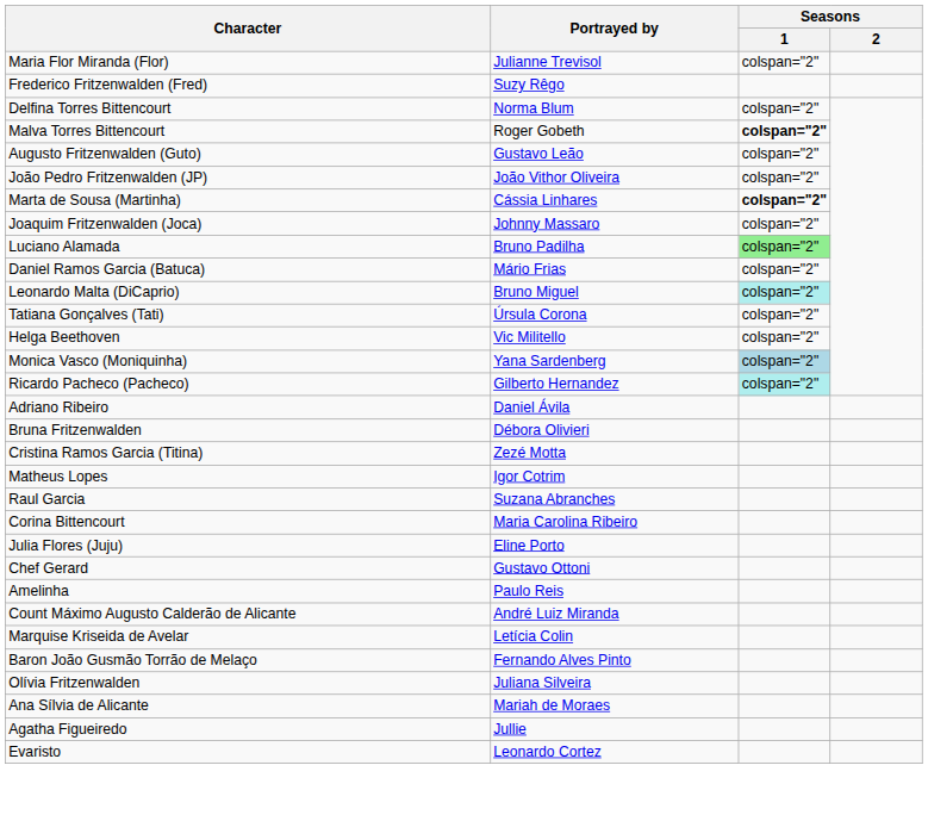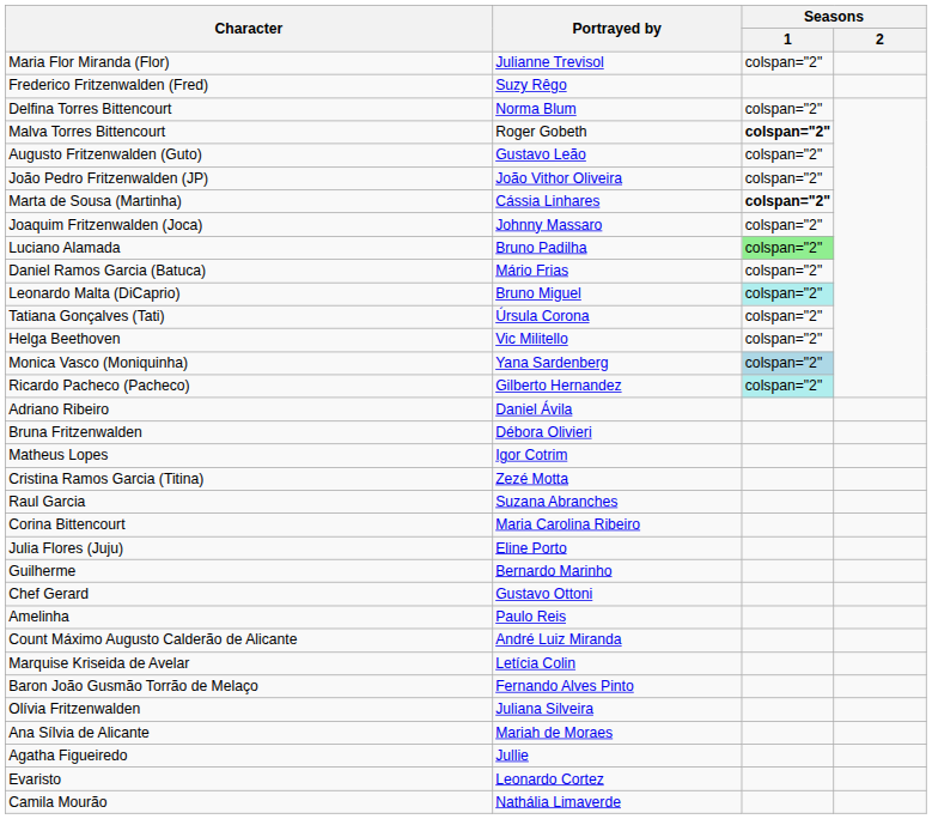 <table class="wikitable">
 <tr>
 <th rowspan="2">Character</th>
 <th rowspan="2">Portrayed by</th>
 <th colspan="2">Seasons</th>
 </tr>
 <tr>
 <th style="width:10%;">1</th>
 <th style="width:10%;">2</th>
 </tr>
 <tr>
 <td>Maria Flor Miranda (Flor)</td>
 <td><a href='#'>Julianne Trevisol</a></td>
 <td>colspan="2" </td>
 </tr>
 <tr>
 <td>Frederico Fritzenwalden (Fred)</td>
 <td><a href='#'>Suzy Rêgo</a></td>
 <td></td>
 <td></td>
 </tr>
 <tr>
 <td>Delfina Torres Bittencourt</td>
 <td><a href='#'>Norma Blum</a></td>
 <td>colspan="2" </td>
 </tr>
 <tr>
 <td>Malva Torres Bittencourt</td>
 <td>Roger Gobeth</td>
 <td><strong>colspan="2" </strong></td>
 </tr>
 <tr>
 <td>Augusto Fritzenwalden (Guto)</td>
 <td><a href='#'>Gustavo Leão</a></td>
 <td>colspan="2" </td>
 </tr>
 <tr>
 <td>João Pedro Fritzenwalden (JP)</td>
 <td><a href='#'>João Vithor Oliveira</a></td>
 <td>colspan="2" </td>
 </tr>
 <tr>
 <td>Marta de Sousa (Martinha)</td>
 <td><a href='#'>Cássia Linhares</a></td>
 <td><strong>colspan="2" </strong></td>
 </tr>
 <tr>
 <td>Joaquim Fritzenwalden (Joca)</td>
 <td><a href='#'>Johnny Massaro</a></td>
 <td>colspan="2" </td>
 </tr>
 <tr>
 <td>Luciano Alamada</td>
 <td><a href='#'>Bruno Padilha</a></td>
 <td style="background: lightgreen;">colspan="2" </td>
 </tr>
 <tr>
 <td>Daniel Ramos Garcia (Batuca)</td>
 <td><a href='#'>Mário Frias</a></td>
 <td>colspan="2" </td>
 </tr>
 <tr>
 <td>Leonardo Malta (DiCaprio)</td>
 <td><a href='#'>Bruno Miguel</a></td>
 <td style="background: paleturquoise;">colspan="2" </td>
 </tr>
 <tr>
 <td>Tatiana Gonçalves (Tati)</td>
 <td><a href='#'>Úrsula Corona</a></td>
 <td>colspan="2" </td>
 </tr>
 <tr>
 <td>Helga Beethoven</td>
 <td><a href='#'>Vic Militello</a></td>
 <td>colspan="2" </td>
 </tr>
 <tr>
 <td>Monica Vasco (Moniquinha)</td>
 <td><a href='#'>Yana Sardenberg</a></td>
 <td style="background: lightblue;">colspan="2" </td>
 </tr>
 <tr>
 <td>Ricardo Pacheco (Pacheco)</td>
 <td><a href='#'>Gilberto Hernandez</a></td>
 <td style="background: paleturquoise;">colspan="2" </td>
 </tr>
 <tr>
 <td>Adriano Ribeiro</td>
 <td><a href='#'>Daniel Ávila</a></td>
 <td></td>
 <td></td>
 </tr>
 <tr>
 <td>Bruna Fritzenwalden</td>
 <td><a href='#'>Débora Olivieri</a></td>
 <td></td>
 <td></td>
 </tr>
 <tr>
-<td>Cristina Ramos Garcia (Titina)</td>
-<td><a href='#'>Zezé Motta</a></td>
+<td>Matheus Lopes</td>
+<td><a href='#'>Igor Cotrim</a></td>
 <td></td>
 <td></td>
 </tr>
 <tr>
-<td>Matheus Lopes</td>
-<td><a href='#'>Igor Cotrim</a></td>
+<td>Cristina Ramos Garcia (Titina)</td>
+<td><a href='#'>Zezé Motta</a></td>
 <td></td>
 <td></td>
 </tr>
 <tr>
 <td>Raul Garcia</td>
 <td><a href='#'>Suzana Abranches</a></td>
 <td></td>
 <td></td>
 </tr>
 <tr>
 <td>Corina Bittencourt</td>
 <td><a href='#'>Maria Carolina Ribeiro</a></td>
 <td></td>
 <td></td>
 </tr>
 <tr>
 <td>Julia Flores (Juju)</td>
 <td><a href='#'>Eline Porto</a></td>
+<td></td>
+<td></td>
+</tr>
+<tr>
+<td>Guilherme</td>
+<td><a href='#'>Bernardo Marinho</a></td>
 <td></td>
 <td></td>
 </tr>
 <tr>
 <td>Chef Gerard</td>
 <td><a href='#'>Gustavo Ottoni</a></td>
 <td></td>
 <td></td>
 </tr>
 <tr>
 <td>Amelinha</td>
 <td><a href='#'>Paulo Reis</a></td>
 <td></td>
 <td></td>
 </tr>
 <tr>
 <td>Count Máximo Augusto Calderão de Alicante</td>
 <td><a href='#'>André Luiz Miranda</a></td>
 <td></td>
 <td></td>
 </tr>
 <tr>
 <td>Marquise Kriseida de Avelar</td>
 <td><a href='#'>Letícia Colin</a></td>
 <td></td>
 <td></td>
 </tr>
 <tr>
 <td>Baron João Gusmão Torrão de Melaço</td>
 <td><a href='#'>Fernando Alves Pinto</a></td>
 <td></td>
 <td></td>
 </tr>
 <tr>
 <td>Olívia Fritzenwalden</td>
 <td><a href='#'>Juliana Silveira</a></td>
 <td></td>
 <td></td>
 </tr>
 <tr>
 <td>Ana Sílvia de Alicante</td>
 <td><a href='#'>Mariah de Moraes</a></td>
 <td></td>
 <td></td>
 </tr>
 <tr>
 <td>Agatha Figueiredo</td>
 <td><a href='#'>Jullie</a></td>
 <td></td>
 <td></td>
 </tr>
 <tr>
 <td>Evaristo</td>
 <td><a href='#'>Leonardo Cortez</a></td>
 <td></td>
 <td></td>
 </tr>
+<tr>
+<td>Camila Mourão</td>
+<td><a href='#'>Nathália Limaverde</a></td>
+<td></td>
+<td></td>
+</tr>
 </table>
